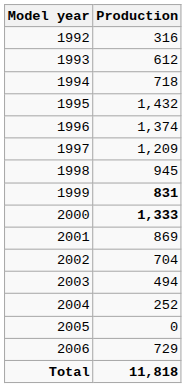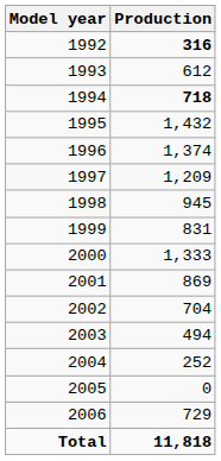 <table class="wikitable" style="text-align:right;">
 <tr>
 <th>Model year</th>
 <th>Production</th>
 </tr>
 <tr>
 <td>1992</td>
-<td>316</td>
+<td><strong>316</strong></td>
 </tr>
 <tr>
 <td>1993</td>
 <td>612</td>
 </tr>
 <tr>
 <td>1994</td>
-<td>718</td>
+<td><strong>718</strong></td>
 </tr>
 <tr>
 <td>1995</td>
 <td>1,432</td>
 </tr>
 <tr>
 <td>1996</td>
 <td>1,374</td>
 </tr>
 <tr>
 <td>1997</td>
 <td>1,209</td>
 </tr>
 <tr>
 <td>1998</td>
 <td>945</td>
 </tr>
 <tr>
 <td>1999</td>
-<td><strong>831</strong></td>
+<td>831</td>
 </tr>
 <tr>
 <td>2000</td>
-<td><strong>1,333</strong></td>
+<td>1,333</td>
 </tr>
 <tr>
 <td>2001</td>
 <td>869</td>
 </tr>
 <tr>
 <td>2002</td>
 <td>704</td>
 </tr>
 <tr>
 <td>2003</td>
 <td>494</td>
 </tr>
 <tr>
 <td>2004</td>
 <td>252</td>
 </tr>
 <tr>
 <td>2005</td>
 <td>0</td>
 </tr>
 <tr>
 <td>2006</td>
 <td>729</td>
 </tr>
 <tr>
 <td><strong>Total</strong></td>
 <td><strong>11,818</strong></td>
 </tr>
 </table>
